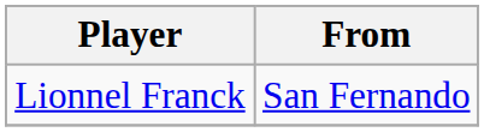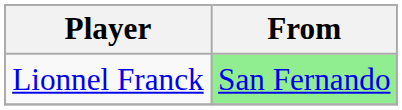 <table class="wikitable">
 <tr>
 <th>Player</th>
 <th>From</th>
 </tr>
 <tr>
 <td> <a href='#'>Lionnel Franck</a></td>
-<td> <a href='#'>San Fernando</a></td>
+<td style="background: lightgreen;"> <a href='#'>San Fernando</a></td>
 </tr>
 <tr>
 </tr>
 </table>
